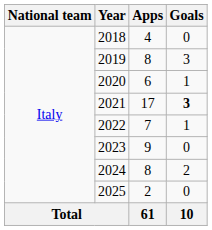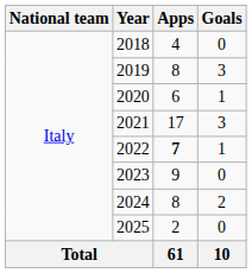 <table class="wikitable" style="text-align:center">
 <tr>
 <th>National team</th>
 <th>Year</th>
 <th>Apps</th>
 <th>Goals</th>
 </tr>
 <tr>
 <td rowspan="8"><a href='#'>Italy</a></td>
 <td>2018</td>
 <td>4</td>
 <td>0</td>
 </tr>
 <tr>
 <td>2019</td>
 <td>8</td>
 <td>3</td>
 </tr>
 <tr>
 <td>2020</td>
 <td>6</td>
 <td>1</td>
 </tr>
 <tr>
 <td>2021</td>
 <td>17</td>
-<td><strong>3</strong></td>
+<td>3</td>
 </tr>
 <tr>
 <td>2022</td>
-<td>7</td>
+<td><strong>7</strong></td>
 <td>1</td>
 </tr>
 <tr>
 <td>2023</td>
 <td>9</td>
 <td>0</td>
 </tr>
 <tr>
 <td>2024</td>
 <td>8</td>
 <td>2</td>
 </tr>
 <tr>
 <td>2025</td>
 <td>2</td>
 <td>0</td>
 </tr>
 <tr>
 <th colspan="2">Total</th>
 <th>61</th>
 <th>10</th>
 </tr>
 </table>
